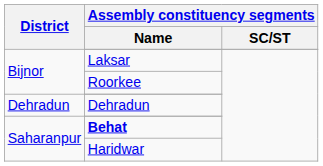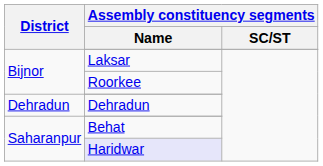 <table class="wikitable sortable">
 <tr>
 <th rowspan="2"><a href='#'>District</a></th>
 <th colspan="2"><a href='#'>Assembly constituency segments</a></th>
 </tr>
 <tr>
 <th>Name</th>
 <th>SC/ST</th>
 </tr>
 <tr>
 <td rowspan="3"><a href='#'>Bijnor</a></td>
 </tr>
 <tr>
 <td><a href='#'>Laksar</a></td>
 <td rowspan="8"></td>
 </tr>
 <tr>
 <td><a href='#'>Roorkee</a></td>
 </tr>
 <tr>
 <td rowspan="2"><a href='#'>Dehradun</a></td>
 </tr>
 <tr>
 <td><a href='#'>Dehradun</a></td>
 </tr>
 <tr>
 <td rowspan="3"><a href='#'>Saharanpur</a></td>
 </tr>
 <tr>
-<td><strong><a href='#'>Behat</a></strong></td>
+<td><a href='#'>Behat</a></td>
 </tr>
 <tr>
-<td><a href='#'>Haridwar</a></td>
+<td style="background: lavender;"><a href='#'>Haridwar</a></td>
 </tr>
 </table>
